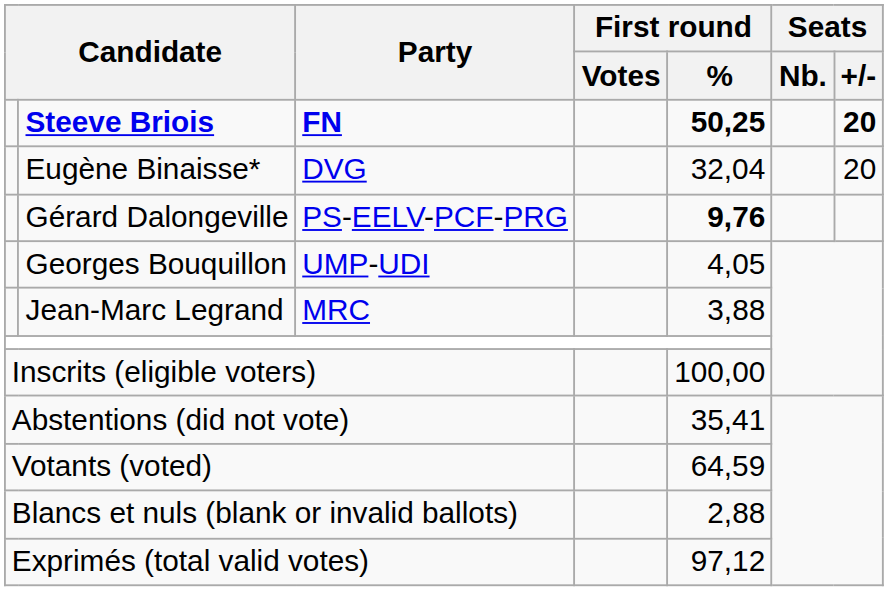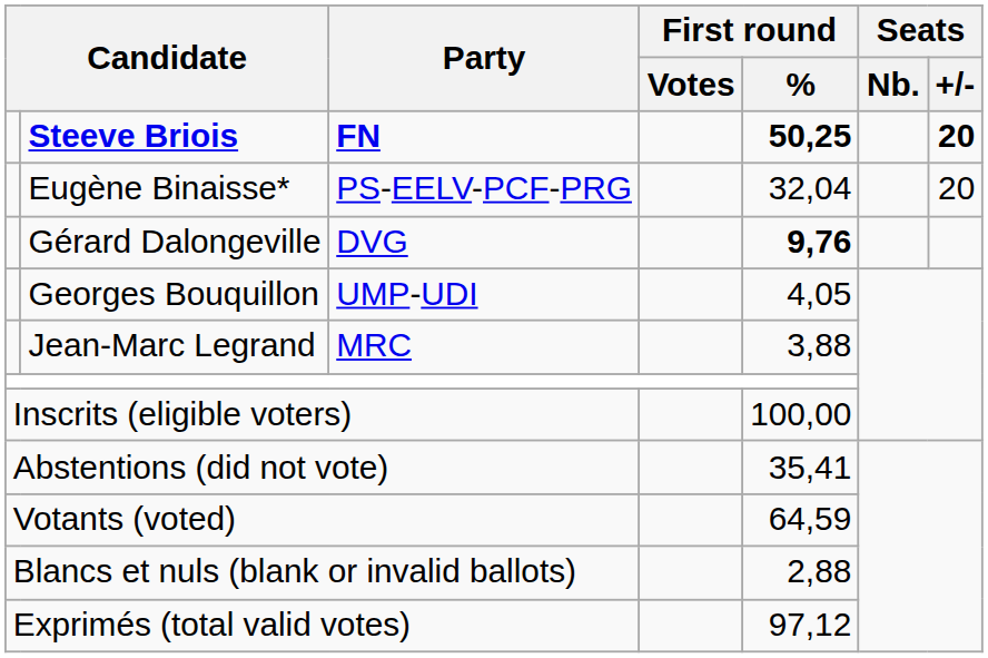 <table class="wikitable centre">
 <tr>
 <th scope="col" rowspan=2 colspan=2>Candidate</th>
 <th scope="col" rowspan=2 colspan=1>Party</th>
 <th scope="col" colspan=2>First round</th>
 <th scope="col" colspan=2>Seats</th>
 </tr>
 <tr>
 <th scope="col">Votes</th>
 <th scope="col">%</th>
 <th scope="col">Nb.</th>
 <th scope="col">+/-</th>
 </tr>
 <tr>
 <td style="color:inherit;background:"></td>
 <td><strong><a href='#'>Steeve Briois</a></strong></td>
 <td><strong><a href='#'>FN</a></strong></td>
 <td style="text-align: right"><strong></strong></td>
 <td style="text-align: right"><strong>50,25</strong></td>
 <td style="text-align: right"><strong></strong></td>
 <td style="text-align: right"><strong> 20</strong></td>
 </tr>
 <tr>
 <td style="color:inherit;background:"></td>
 <td>Eugène Binaisse*</td>
-<td><a href='#'>DVG</a></td>
+<td><a href='#'>PS</a>-<a href='#'>EELV</a>-<a href='#'>PCF</a>-<a href='#'>PRG</a></td>
 <td style="text-align: right"></td>
 <td style="text-align: right">32,04</td>
 <td style="text-align: right"></td>
 <td style="text-align: right"> 20</td>
 </tr>
 <tr>
 <td style="color:inherit;background:"></td>
 <td>Gérard Dalongeville</td>
-<td><a href='#'>PS</a>-<a href='#'>EELV</a>-<a href='#'>PCF</a>-<a href='#'>PRG</a></td>
+<td><a href='#'>DVG</a></td>
 <td style="text-align: right"></td>
 <td style="text-align: right"><strong>9,76</strong></td>
 <td style="text-align: right"></td>
 <td style="text-align: right"></td>
 </tr>
 <tr>
 <td style="color:inherit;background:"></td>
 <td>Georges Bouquillon</td>
 <td><a href='#'>UMP</a>-<a href='#'>UDI</a></td>
 <td style="text-align: right"></td>
 <td style="text-align: right">4,05</td>
 <td colspan=7 rowspan=4></td>
 </tr>
 <tr>
 <td style="color:inherit;background:"></td>
 <td>Jean-Marc Legrand</td>
 <td><a href='#'>MRC</a></td>
 <td style="text-align: right"></td>
 <td style="text-align: right">3,88</td>
 </tr>
 <tr bgcolor=white>
 <td colspan=5></td>
 </tr>
 <tr>
 <td colspan=3>Inscrits (eligible voters)</td>
 <td style="text-align: right"></td>
 <td style="text-align: right">100,00</td>
 </tr>
 <tr>
 <td colspan=3>Abstentions (did not vote)</td>
 <td style="text-align: right"></td>
 <td style="text-align: right">35,41</td>
 </tr>
 <tr>
 <td colspan=3>Votants (voted)</td>
 <td style="text-align: right"></td>
 <td style="text-align: right">64,59</td>
 </tr>
 <tr>
 <td colspan=3>Blancs et nuls (blank or invalid ballots)</td>
 <td style="text-align: right"></td>
 <td style="text-align: right">2,88</td>
 </tr>
 <tr>
 <td colspan=3>Exprimés (total valid votes)</td>
 <td style="text-align: right"></td>
 <td style="text-align: right">97,12</td>
 </tr>
 </table>
